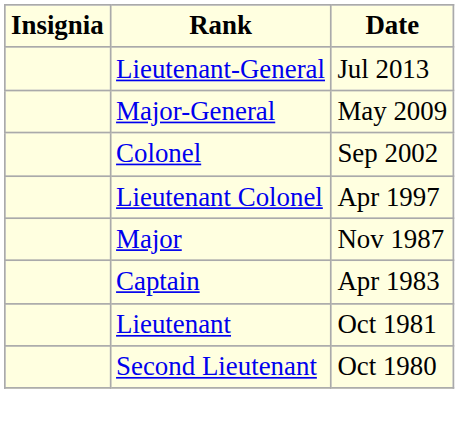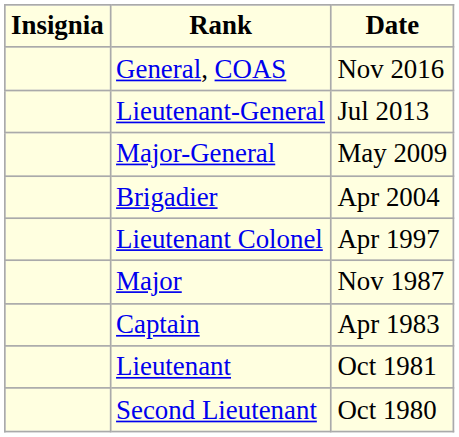 <table class="wikitable">
 <tr>
 <th style="background:#FFFFE0">Insignia</th>
 <th style="background:#FFFFE0">Rank</th>
 <th style="background:#FFFFE0">Date</th>
+</tr>
+<tr>
+<td style="background:#FFFFE0"> </td>
+<td style="background:#FFFFE0"><a href='#'>General</a>, <a href='#'>COAS</a></td>
+<td style="background:#FFFFE0">Nov 2016</td>
 </tr>
 <tr>
 <td style="background:#FFFFE0"></td>
 <td style="background:#FFFFE0"><a href='#'>Lieutenant-General</a></td>
 <td style="background:#FFFFE0">Jul 2013</td>
 </tr>
 <tr>
 <td style="background:#FFFFE0"> </td>
 <td style="background:#FFFFE0"><a href='#'>Major-General</a></td>
 <td style="background:#FFFFE0">May 2009</td>
 </tr>
 <tr>
 <td style="background:#FFFFE0"></td>
-<td style="background:#FFFFE0"><a href='#'>Colonel</a></td>
-<td style="background:#FFFFE0">Sep 2002</td>
+<td style="background:#FFFFE0"><a href='#'>Brigadier</a></td>
+<td style="background:#FFFFE0">Apr 2004</td>
 </tr>
 <tr>
 <td style="background:#FFFFE0"></td>
 <td style="background:#FFFFE0"><a href='#'>Lieutenant Colonel</a></td>
 <td style="background:#FFFFE0">Apr 1997</td>
 </tr>
 <tr>
 <td style="background:#FFFFE0"></td>
 <td style="background:#FFFFE0"><a href='#'>Major</a></td>
 <td style="background:#FFFFE0">Nov 1987</td>
 </tr>
 <tr>
 <td style="background:#FFFFE0"></td>
 <td style="background:#FFFFE0"><a href='#'>Captain</a></td>
 <td style="background:#FFFFE0">Apr 1983</td>
 </tr>
 <tr>
 <td style="background:#FFFFE0"></td>
 <td style="background:#FFFFE0"><a href='#'>Lieutenant</a></td>
 <td style="background:#FFFFE0">Oct 1981</td>
 </tr>
 <tr>
 <td style="background:#FFFFE0"></td>
 <td style="background:#FFFFE0"><a href='#'>Second Lieutenant</a></td>
 <td style="background:#FFFFE0">Oct 1980</td>
 </tr>
 </table>
